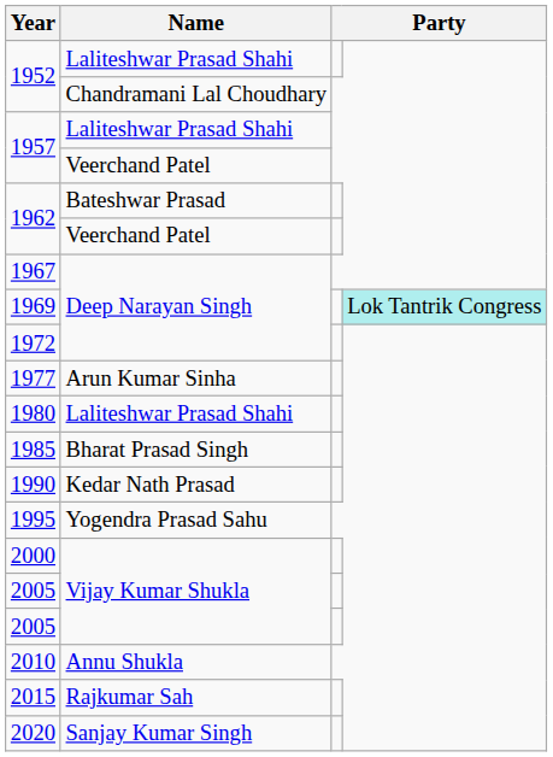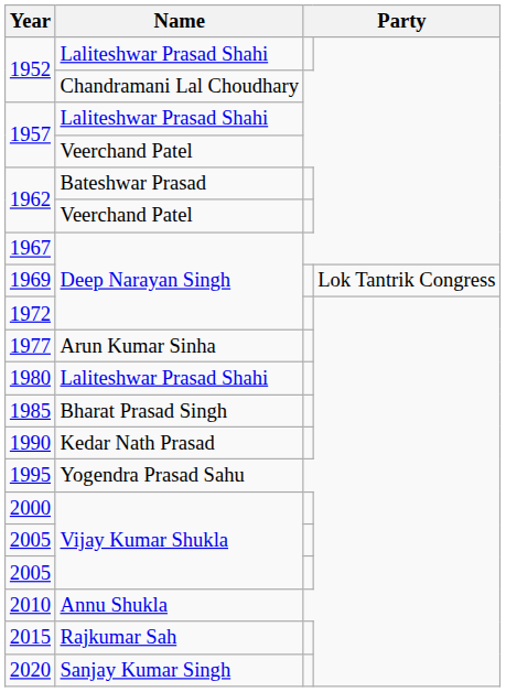 <table class="wikitable sortable">
 <tr>
 <th>Year</th>
 <th>Name</th>
 <th colspan="2">Party</th>
 </tr>
 <tr>
 <td rowspan="2"><a href='#'>1952</a></td>
 <td><a href='#'>Laliteshwar Prasad Shahi</a></td>
 <td></td>
 </tr>
 <tr>
 <td>Chandramani Lal Choudhary</td>
 </tr>
 <tr>
 <td rowspan="2"><a href='#'>1957</a></td>
 <td><a href='#'>Laliteshwar Prasad Shahi</a></td>
 </tr>
 <tr>
 <td>Veerchand Patel</td>
 </tr>
 <tr>
 <td rowspan="2"><a href='#'>1962</a></td>
 <td>Bateshwar Prasad</td>
 <td></td>
 </tr>
 <tr>
 <td>Veerchand Patel</td>
 <td></td>
 </tr>
 <tr>
 <td><a href='#'>1967</a></td>
 <td rowspan="3"><a href='#'>Deep Narayan Singh</a></td>
 </tr>
 <tr>
 <td><a href='#'>1969</a></td>
 <td style="background-color: "></td>
-<td style="background: paleturquoise;">Lok Tantrik Congress</td>
+<td>Lok Tantrik Congress</td>
 </tr>
 <tr>
 <td><a href='#'>1972</a></td>
 <td></td>
 </tr>
 <tr>
 <td><a href='#'>1977</a></td>
 <td>Arun Kumar Sinha</td>
 <td></td>
 </tr>
 <tr>
 <td><a href='#'>1980</a></td>
 <td><a href='#'>Laliteshwar Prasad Shahi</a></td>
 <td></td>
 </tr>
 <tr>
 <td><a href='#'>1985</a></td>
 <td>Bharat Prasad Singh</td>
 <td></td>
 </tr>
 <tr>
 <td><a href='#'>1990</a></td>
 <td>Kedar Nath Prasad</td>
 <td></td>
 </tr>
 <tr>
 <td><a href='#'>1995</a></td>
 <td>Yogendra Prasad Sahu</td>
 </tr>
 <tr>
 <td><a href='#'>2000</a></td>
 <td rowspan="3"><a href='#'>Vijay Kumar Shukla</a></td>
 <td></td>
 </tr>
 <tr>
 <td><a href='#'>2005</a></td>
 <td></td>
 </tr>
 <tr>
 <td><a href='#'>2005</a></td>
 <td></td>
 </tr>
 <tr>
 <td><a href='#'>2010</a></td>
 <td><a href='#'>Annu Shukla</a></td>
 </tr>
 <tr>
 <td><a href='#'>2015</a></td>
 <td><a href='#'>Rajkumar Sah</a></td>
 <td></td>
 </tr>
 <tr>
 <td><a href='#'>2020</a></td>
 <td><a href='#'>Sanjay Kumar Singh</a></td>
 <td></td>
 </tr>
 </table>
